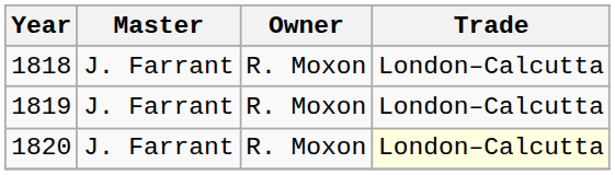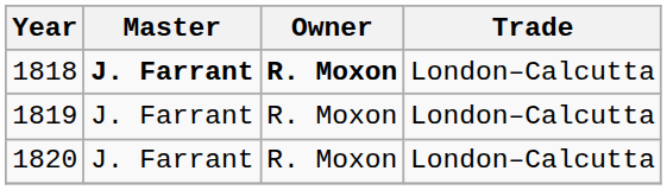 <table class="sortable wikitable">
 <tr>
 <th>Year</th>
 <th>Master</th>
 <th>Owner</th>
 <th>Trade</th>
 </tr>
 <tr>
 <td>1818</td>
-<td>J. Farrant</td>
-<td>R. Moxon</td>
+<td><strong>J. Farrant</strong></td>
+<td><strong>R. Moxon</strong></td>
 <td>London–Calcutta</td>
 </tr>
 <tr>
 <td>1819</td>
 <td>J. Farrant</td>
 <td>R. Moxon</td>
 <td>London–Calcutta</td>
 </tr>
 <tr>
 <td>1820</td>
 <td>J. Farrant</td>
 <td>R. Moxon</td>
-<td style="background: lightyellow;">London–Calcutta</td>
+<td>London–Calcutta</td>
 </tr>
 <tr>
 </tr>
 </table>
